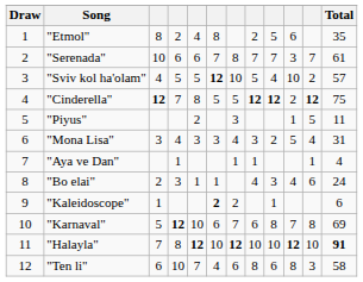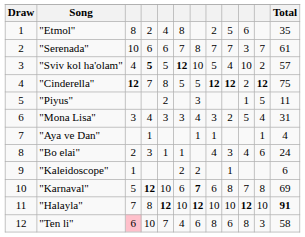 <table class="wikitable plainrowheaders" style="margin: 1em auto 1em auto; text-align:center;">
 <tr>
 </tr>
 <tr>
 <th scope="col">Draw</th>
 <th scope="col">Song</th>
 <th></th>
 <th></th>
 <th></th>
 <th></th>
 <th></th>
 <th></th>
 <th></th>
 <th></th>
 <th></th>
 <th scope="col">Total</th>
 </tr>
 <tr>
 <td>1</td>
 <td align="left">"Etmol"</td>
 <td style="text-align:center">8</td>
 <td style="text-align:center">2</td>
 <td style="text-align:center">4</td>
 <td style="text-align:center">8</td>
 <td style="text-align:center"></td>
 <td style="text-align:center">2</td>
 <td style="text-align:center">5</td>
 <td style="text-align:center">6</td>
 <td style="text-align:center"></td>
 <td style="text-align:center">35</td>
 </tr>
 <tr>
 <td>2</td>
 <td align="left">"Serenada"</td>
 <td style="text-align:center">10</td>
 <td style="text-align:center">6</td>
 <td style="text-align:center">6</td>
 <td style="text-align:center">7</td>
 <td style="text-align:center">8</td>
 <td style="text-align:center">7</td>
 <td style="text-align:center">7</td>
 <td style="text-align:center">3</td>
 <td style="text-align:center">7</td>
 <td style="text-align:center">61</td>
 </tr>
 <tr>
 <td>3</td>
 <td align="left">"Sviv kol ha'olam"</td>
 <td style="text-align:center">4</td>
-<td style="text-align:center">5</td>
+<td style="text-align:center"><strong>5</strong></td>
 <td style="text-align:center">5</td>
 <td style="text-align:center"><strong>12</strong></td>
 <td style="text-align:center">10</td>
 <td style="text-align:center">5</td>
 <td style="text-align:center">4</td>
 <td style="text-align:center">10</td>
 <td style="text-align:center">2</td>
 <td style="text-align:center">57</td>
 </tr>
 <tr>
 <td>4</td>
 <td align="left">"Cinderella"</td>
 <td style="text-align:center"><strong>12</strong></td>
 <td style="text-align:center">7</td>
 <td style="text-align:center">8</td>
 <td style="text-align:center">5</td>
 <td style="text-align:center">5</td>
 <td style="text-align:center"><strong>12</strong></td>
 <td style="text-align:center"><strong>12</strong></td>
 <td style="text-align:center">2</td>
 <td style="text-align:center"><strong>12</strong></td>
 <td style="text-align:center">75</td>
 </tr>
 <tr>
 <td>5</td>
 <td align="left">"Piyus"</td>
 <td style="text-align:center"></td>
 <td style="text-align:center"></td>
 <td style="text-align:center">2</td>
 <td style="text-align:center"></td>
 <td style="text-align:center">3</td>
 <td style="text-align:center"></td>
 <td style="text-align:center"></td>
 <td style="text-align:center">1</td>
 <td style="text-align:center">5</td>
 <td style="text-align:center">11</td>
 </tr>
 <tr>
 <td>6</td>
 <td align="left">"Mona Lisa"</td>
 <td style="text-align:center">3</td>
 <td style="text-align:center">4</td>
 <td style="text-align:center">3</td>
 <td style="text-align:center">3</td>
 <td style="text-align:center">4</td>
 <td style="text-align:center">3</td>
 <td style="text-align:center">2</td>
 <td style="text-align:center">5</td>
 <td style="text-align:center">4</td>
 <td style="text-align:center">31</td>
 </tr>
 <tr>
 <td>7</td>
 <td align="left">"Aya ve Dan"</td>
 <td style="text-align:center"></td>
 <td style="text-align:center">1</td>
 <td style="text-align:center"></td>
 <td style="text-align:center"></td>
 <td style="text-align:center">1</td>
 <td style="text-align:center">1</td>
 <td style="text-align:center"></td>
 <td style="text-align:center"></td>
 <td style="text-align:center">1</td>
 <td style="text-align:center">4</td>
 </tr>
 <tr>
 <td>8</td>
 <td align="left">"Bo elai"</td>
 <td style="text-align:center">2</td>
 <td style="text-align:center">3</td>
 <td style="text-align:center">1</td>
 <td style="text-align:center">1</td>
 <td style="text-align:center"></td>
 <td style="text-align:center">4</td>
 <td style="text-align:center">3</td>
 <td style="text-align:center">4</td>
 <td style="text-align:center">6</td>
 <td style="text-align:center">24</td>
 </tr>
 <tr>
 <td>9</td>
 <td align="left">"Kaleidoscope"</td>
 <td style="text-align:center">1</td>
 <td style="text-align:center"></td>
 <td style="text-align:center"></td>
-<td style="text-align:center"><strong>2</strong></td>
+<td style="text-align:center">2</td>
 <td style="text-align:center">2</td>
 <td style="text-align:center"></td>
 <td style="text-align:center">1</td>
 <td style="text-align:center"></td>
 <td style="text-align:center"></td>
 <td style="text-align:center">6</td>
 </tr>
 <tr>
 <td>10</td>
 <td align="left">"Karnaval"</td>
 <td style="text-align:center">5</td>
 <td style="text-align:center"><strong>12</strong></td>
 <td style="text-align:center">10</td>
 <td style="text-align:center">6</td>
-<td style="text-align:center">7</td>
+<td style="text-align:center"><strong>7</strong></td>
 <td style="text-align:center">6</td>
 <td style="text-align:center">8</td>
 <td style="text-align:center">7</td>
 <td style="text-align:center">8</td>
 <td style="text-align:center">69</td>
 </tr>
 <tr>
 <td>11</td>
 <td align="left">"Halayla"</td>
 <td style="text-align:center">7</td>
 <td style="text-align:center">8</td>
 <td style="text-align:center"><strong>12</strong></td>
 <td style="text-align:center">10</td>
 <td style="text-align:center"><strong>12</strong></td>
 <td style="text-align:center">10</td>
 <td style="text-align:center">10</td>
 <td style="text-align:center"><strong>12</strong></td>
 <td style="text-align:center">10</td>
 <td style="text-align:center"><strong>91</strong></td>
 </tr>
 <tr>
 <td>12</td>
 <td align="left">"Ten li"</td>
-<td style="text-align:center">6</td>
+<td style="background: pink; text-align:center">6</td>
 <td style="text-align:center">10</td>
 <td style="text-align:center">7</td>
 <td style="text-align:center">4</td>
 <td style="text-align:center">6</td>
 <td style="text-align:center">8</td>
 <td style="text-align:center">6</td>
 <td style="text-align:center">8</td>
 <td style="text-align:center">3</td>
 <td style="text-align:center">58</td>
 </tr>
 </table>
